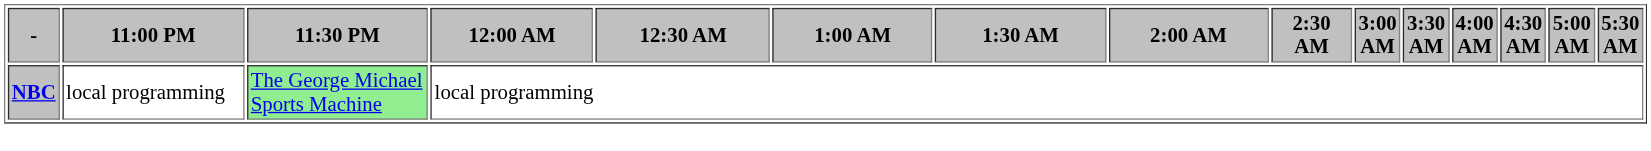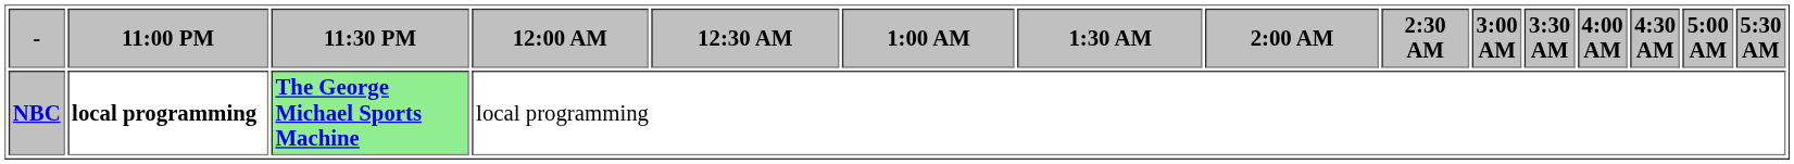 <table border="1" cellpadding="2">
 <tr>
 <th bgcolor="#C0C0C0">-</th>
 <th width="13%" bgcolor="#C0C0C0">11:00 PM</th>
 <th width="14%" bgcolor="#C0C0C0">11:30 PM</th>
 <th width="13%" bgcolor="#C0C0C0">12:00 AM</th>
 <th width="14%" bgcolor="#C0C0C0">12:30 AM</th>
 <th width="13%" bgcolor="#C0C0C0">1:00 AM</th>
 <th width="14%" bgcolor="#C0C0C0">1:30 AM</th>
 <th width="13%" bgcolor="#C0C0C0">2:00 AM</th>
 <th width="14%" bgcolor="#C0C0C0">2:30 AM</th>
 <th width="13%" bgcolor="#C0C0C0">3:00 AM</th>
 <th width="14%" bgcolor="#C0C0C0">3:30 AM</th>
 <th width="13%" bgcolor="#C0C0C0">4:00 AM</th>
 <th width="14%" bgcolor="#C0C0C0">4:30 AM</th>
 <th width="13%" bgcolor="#C0C0C0">5:00 AM</th>
 <th width="14%" bgcolor="#C0C0C0">5:30 AM</th>
 </tr>
 <tr>
 <th bgcolor="#C0C0C0"><a href='#'>NBC</a></th>
-<td bgcolor="white">local programming</td>
-<td bgcolor="lightgreen" colspan="1"><a href='#'>The George Michael Sports Machine</a></td>
+<td bgcolor="white"><strong>local programming</strong></td>
+<td bgcolor="lightgreen" colspan="1"><strong><a href='#'>The George Michael Sports Machine</a></strong></td>
 <td bgcolor="white" colspan="12">local programming</td>
 </tr>
 </table>
